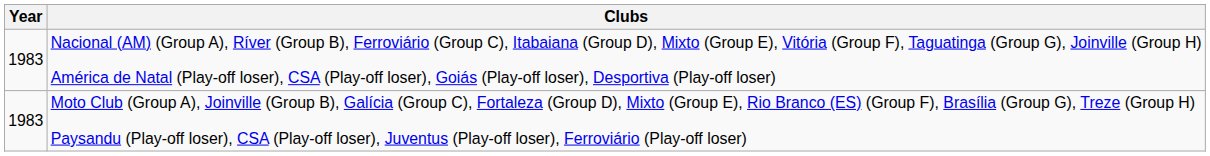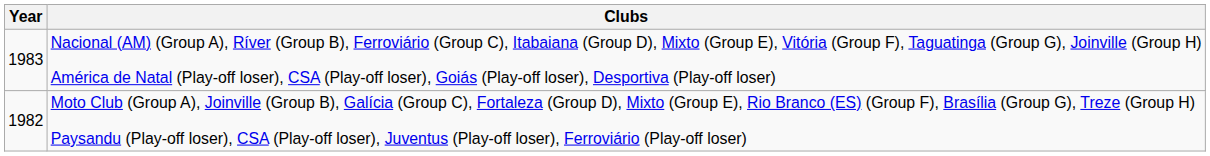 <table class="wikitable sortable">
 <tr>
 <th>Year</th>
 <th>Clubs</th>
 </tr>
 <tr>
 <td>1983</td>
 <td><a href='#'>Nacional (AM)</a> (Group A), <a href='#'>Ríver</a> (Group B), <a href='#'>Ferroviário</a> (Group C), <a href='#'>Itabaiana</a> (Group D), <a href='#'>Mixto</a> (Group E), <a href='#'>Vitória</a> (Group F), <a href='#'>Taguatinga</a> (Group G), <a href='#'>Joinville</a> (Group H) <br><br><a href='#'>América de Natal</a> (Play-off loser), <a href='#'>CSA</a> (Play-off loser), <a href='#'>Goiás</a> (Play-off loser), <a href='#'>Desportiva</a> (Play-off loser)</td>
 </tr>
 <tr>
-<td>1983</td>
+<td>1982</td>
 <td><a href='#'>Moto Club</a> (Group A), <a href='#'>Joinville</a> (Group B), <a href='#'>Galícia</a> (Group C), <a href='#'>Fortaleza</a> (Group D), <a href='#'>Mixto</a> (Group E), <a href='#'>Rio Branco (ES)</a> (Group F), <a href='#'>Brasília</a> (Group G), <a href='#'>Treze</a> (Group H) <br><br><a href='#'>Paysandu</a> (Play-off loser), <a href='#'>CSA</a> (Play-off loser), <a href='#'>Juventus</a> (Play-off loser), <a href='#'>Ferroviário</a> (Play-off loser)</td>
 </tr>
 </table>
